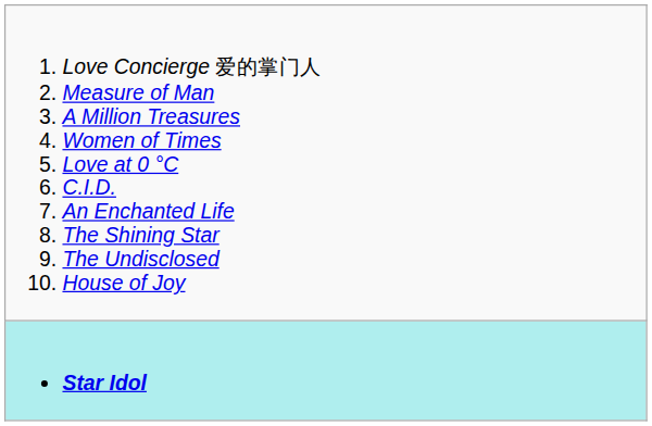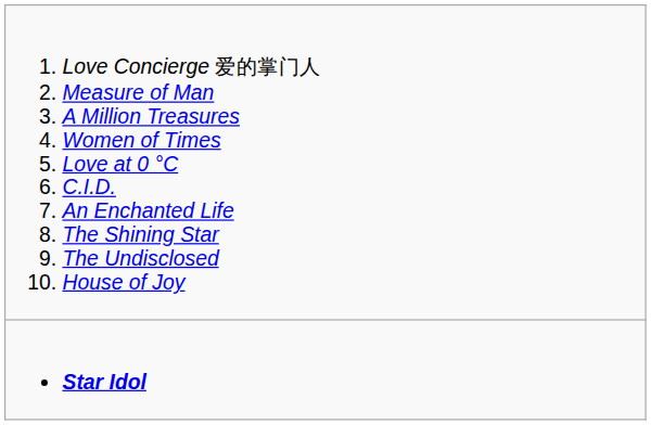 <table class=wikitable>
 <tr>
 <td valign="top" width="50%"><br><div></div><ol><li><em>Love Concierge</em> 爱的掌门人</li><li><em><a href='#'>Measure of Man</a></em></li><li><em><a href='#'>A Million Treasures</a></em></li><li><em><a href='#'>Women of Times</a></em></li><li><em><a href='#'>Love at 0&nbsp;°C</a></em></li><li><em><a href='#'>C.I.D.</a></em></li><li><em><a href='#'>An Enchanted Life</a></em></li><li><em><a href='#'>The Shining Star</a></em></li><li><em><a href='#'>The Undisclosed</a></em></li><li><em><a href='#'>House of Joy</a></em></li></ol></td>
 </tr>
 <tr>
-<td valign="top" width="50%" style="background: paleturquoise;"><br><div></div><ul><li><strong><em><a href='#'>Star Idol</a></em></strong></li></ul></td>
+<td valign="top" width="50%"><br><div></div><ul><li><strong><em><a href='#'>Star Idol</a></em></strong></li></ul></td>
 </tr>
 </table>
